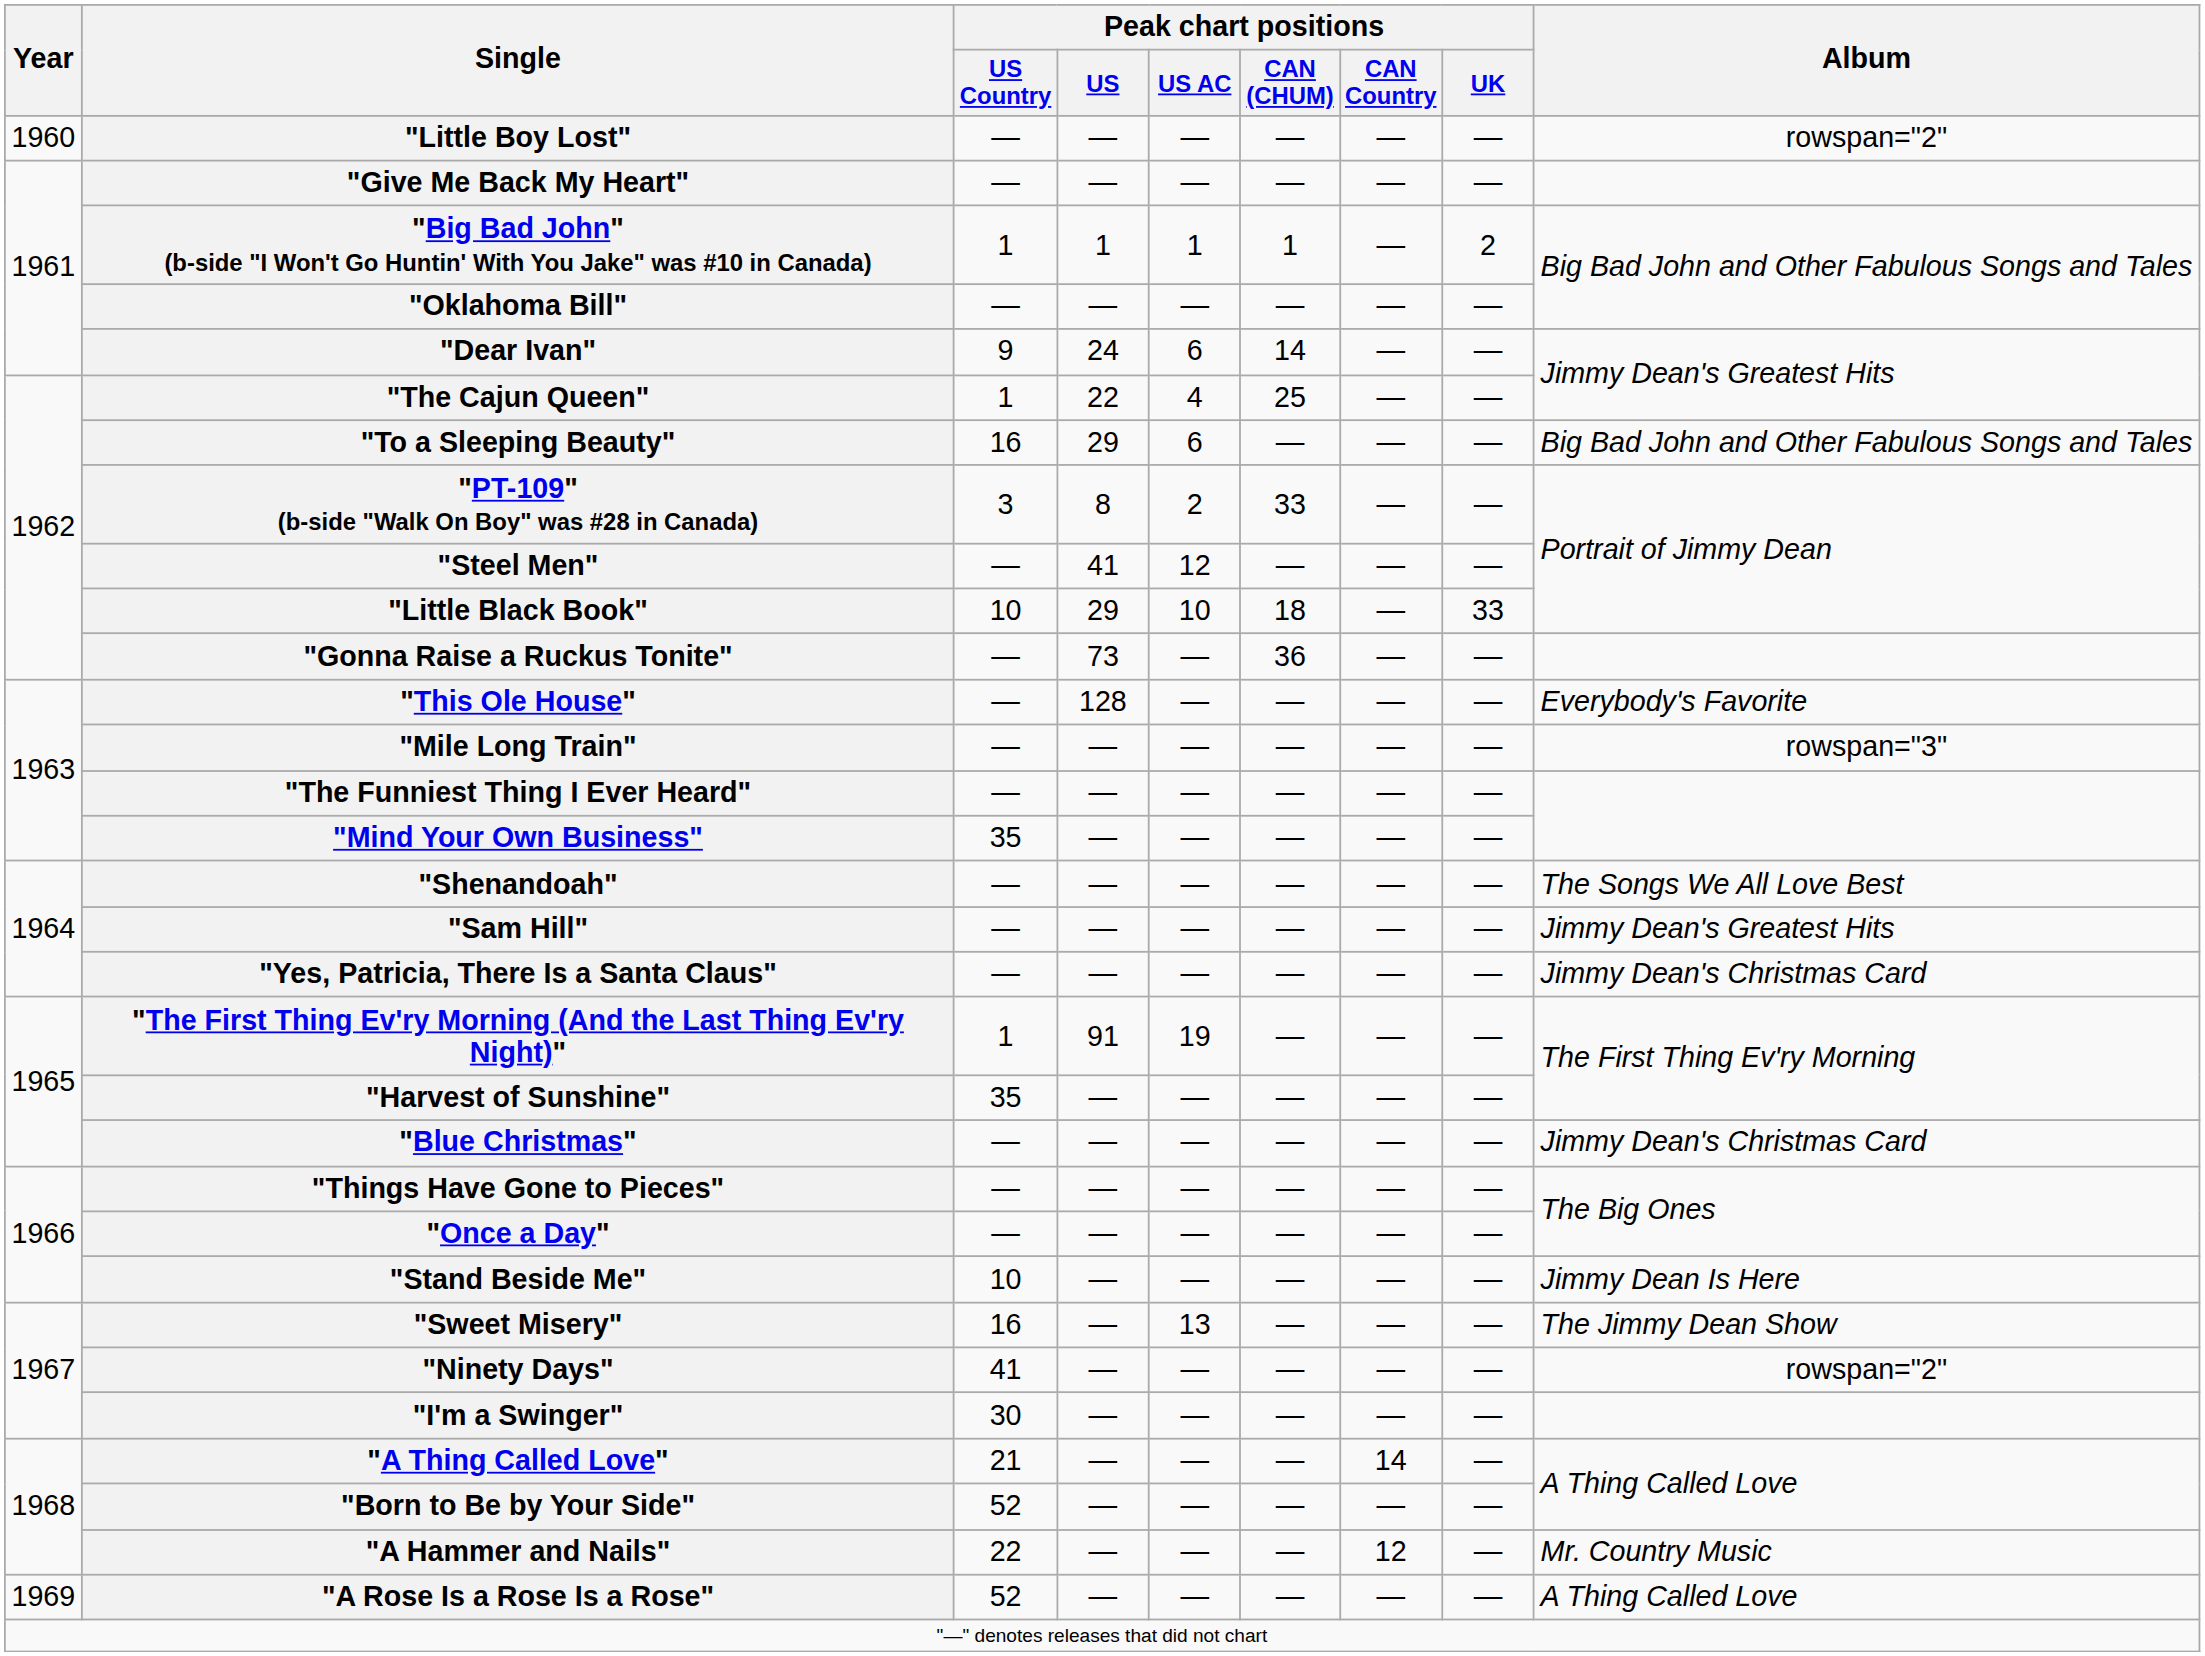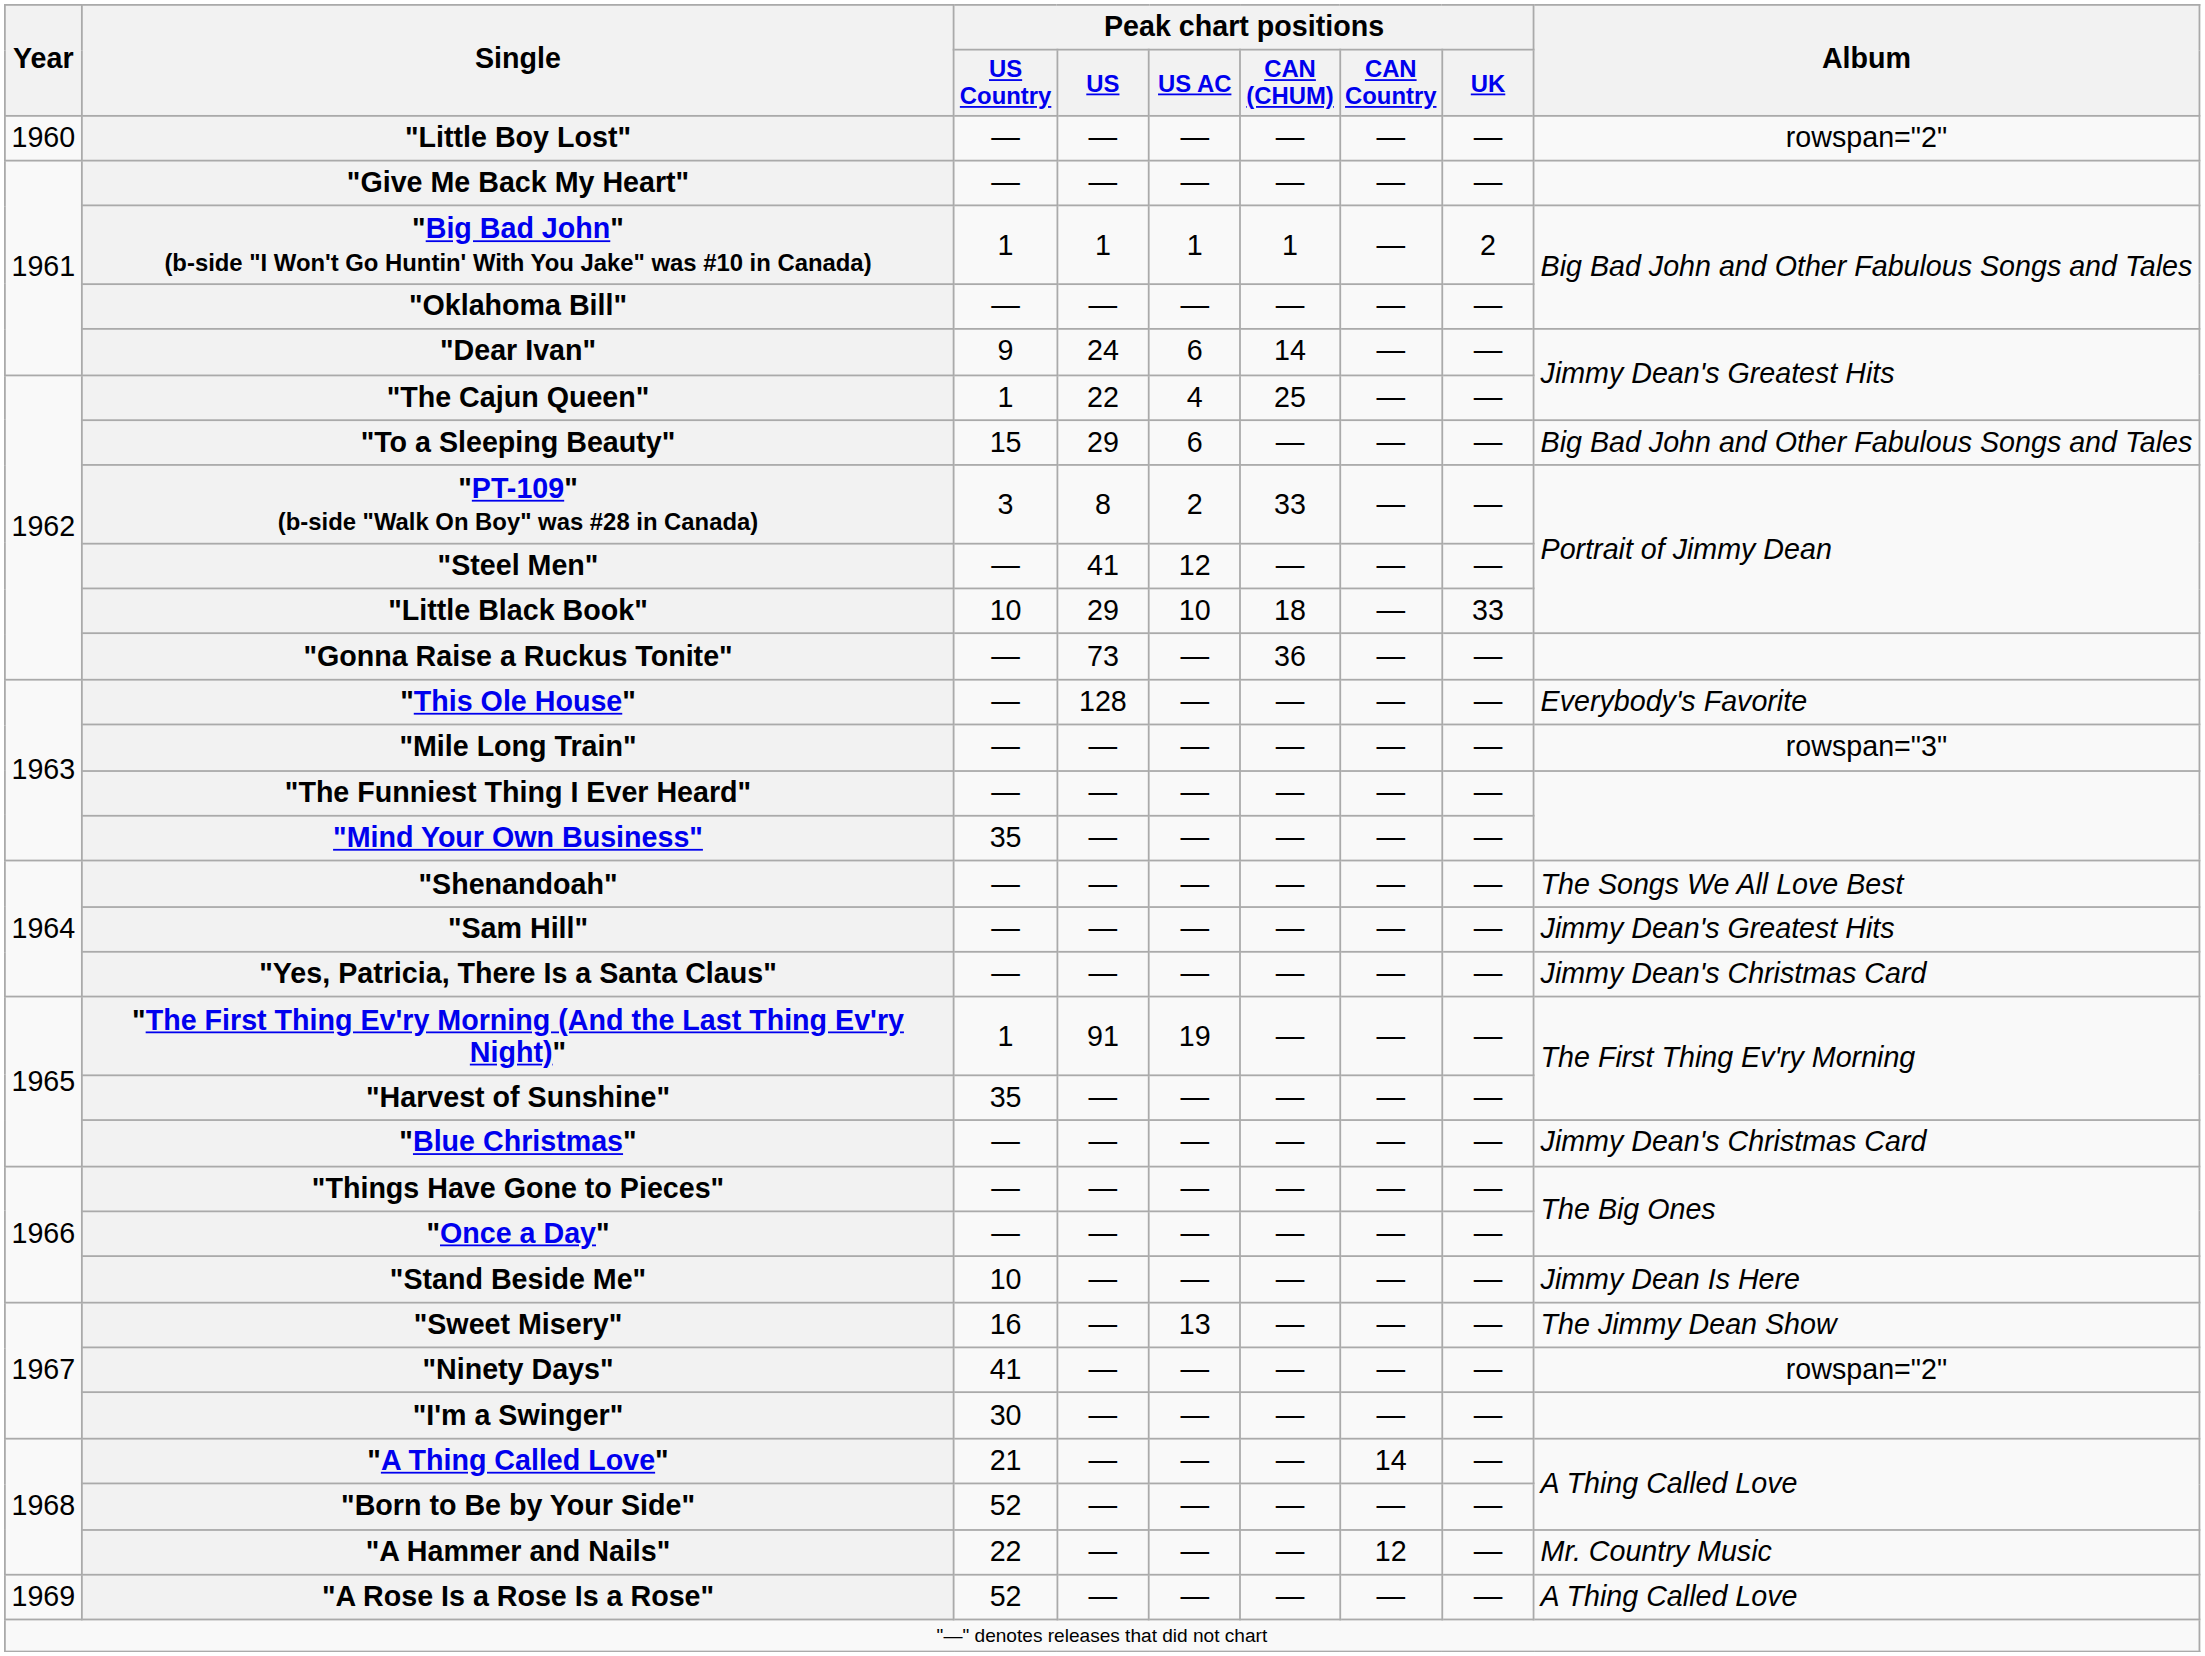 <table class="wikitable plainrowheaders" style="text-align:center;">
 <tr>
 <th rowspan="2">Year</th>
 <th rowspan="2" style="width:30em;">Single</th>
 <th colspan="6">Peak chart positions</th>
 <th rowspan="2">Album</th>
 </tr>
 <tr style="font-size:smaller;">
 <th width="45"><a href='#'>US Country</a><br></th>
 <th width="45"><a href='#'>US</a><br></th>
 <th width="45"><a href='#'>US AC</a><br></th>
 <th width="45"><a href='#'>CAN (CHUM)</a><br></th>
 <th width="45"><a href='#'>CAN Country</a><br></th>
 <th width="45"><a href='#'>UK</a><br></th>
 </tr>
 <tr>
 <td>1960</td>
 <th scope="row">"Little Boy Lost"</th>
 <td>—</td>
 <td>—</td>
 <td>—</td>
 <td>—</td>
 <td>—</td>
 <td>—</td>
 <td>rowspan="2" </td>
 </tr>
 <tr>
 <td rowspan="4">1961</td>
 <th scope="row">"Give Me Back My Heart"</th>
 <td>—</td>
 <td>—</td>
 <td>—</td>
 <td>—</td>
 <td>—</td>
 <td>—</td>
 </tr>
 <tr>
 <th scope="row">"<a href='#'>Big Bad John</a>"<br><small>(b-side "I Won't Go Huntin' With You Jake" was #10 in Canada)</small></th>
 <td>1</td>
 <td>1</td>
 <td>1</td>
 <td>1</td>
 <td>—</td>
 <td>2</td>
 <td align="left" rowspan="2"><em>Big Bad John and Other Fabulous Songs and Tales</em></td>
 </tr>
 <tr>
 <th scope="row">"Oklahoma Bill"</th>
 <td>—</td>
 <td>—</td>
 <td>—</td>
 <td>—</td>
 <td>—</td>
 <td>—</td>
 </tr>
 <tr>
 <th scope="row">"Dear Ivan"</th>
 <td>9</td>
 <td>24</td>
 <td>6</td>
 <td>14</td>
 <td>—</td>
 <td>—</td>
 <td align="left" rowspan="2"><em>Jimmy Dean's Greatest Hits</em></td>
 </tr>
 <tr>
 <td rowspan="6">1962</td>
 <th scope="row">"The Cajun Queen"</th>
 <td>1</td>
 <td>22</td>
 <td>4</td>
 <td>25</td>
 <td>—</td>
 <td>—</td>
 </tr>
 <tr>
 <th scope="row">"To a Sleeping Beauty"</th>
-<td>16</td>
+<td>15</td>
 <td>29</td>
 <td>6</td>
 <td>—</td>
 <td>—</td>
 <td>—</td>
 <td align="left"><em>Big Bad John and Other Fabulous Songs and Tales</em></td>
 </tr>
 <tr>
 <th scope="row">"<a href='#'>PT-109</a>"<br><small>(b-side "Walk On Boy" was #28 in Canada)</small></th>
 <td>3</td>
 <td>8</td>
 <td>2</td>
 <td>33</td>
 <td>—</td>
 <td>—</td>
 <td align="left" rowspan="3"><em>Portrait of Jimmy Dean</em></td>
 </tr>
 <tr>
 <th scope="row">"Steel Men"</th>
 <td>—</td>
 <td>41</td>
 <td>12</td>
 <td>—</td>
 <td>—</td>
 <td>—</td>
 </tr>
 <tr>
 <th scope="row">"Little Black Book"</th>
 <td>10</td>
 <td>29</td>
 <td>10</td>
 <td>18</td>
 <td>—</td>
 <td>33</td>
 </tr>
 <tr>
 <th scope="row">"Gonna Raise a Ruckus Tonite"</th>
 <td>—</td>
 <td>73</td>
 <td>—</td>
 <td>36</td>
 <td>—</td>
 <td>—</td>
 <td></td>
 </tr>
 <tr>
 <td rowspan="4">1963</td>
 <th scope="row">"<a href='#'>This Ole House</a>"</th>
 <td>—</td>
 <td>128</td>
 <td>—</td>
 <td>—</td>
 <td>—</td>
 <td>—</td>
 <td align="left"><em>Everybody's Favorite</em></td>
 </tr>
 <tr>
 <th scope="row">"Mile Long Train"</th>
 <td>—</td>
 <td>—</td>
 <td>—</td>
 <td>—</td>
 <td>—</td>
 <td>—</td>
 <td>rowspan="3" </td>
 </tr>
 <tr>
 <th scope="row">"The Funniest Thing I Ever Heard"</th>
 <td>—</td>
 <td>—</td>
 <td>—</td>
 <td>—</td>
 <td>—</td>
 <td>—</td>
 </tr>
 <tr>
 <th scope="row"><a href='#'>"Mind Your Own Business"</a></th>
 <td>35</td>
 <td>—</td>
 <td>—</td>
 <td>—</td>
 <td>—</td>
 <td>—</td>
 </tr>
 <tr>
 <td rowspan="3">1964</td>
 <th scope="row">"Shenandoah"</th>
 <td>—</td>
 <td>—</td>
 <td>—</td>
 <td>—</td>
 <td>—</td>
 <td>—</td>
 <td align="left"><em>The Songs We All Love Best</em></td>
 </tr>
 <tr>
 <th scope="row">"Sam Hill"</th>
 <td>—</td>
 <td>—</td>
 <td>—</td>
 <td>—</td>
 <td>—</td>
 <td>—</td>
 <td align="left"><em>Jimmy Dean's Greatest Hits</em></td>
 </tr>
 <tr>
 <th scope="row">"Yes, Patricia, There Is a Santa Claus"</th>
 <td>—</td>
 <td>—</td>
 <td>—</td>
 <td>—</td>
 <td>—</td>
 <td>—</td>
 <td align="left"><em>Jimmy Dean's Christmas Card</em></td>
 </tr>
 <tr>
 <td rowspan="3">1965</td>
 <th scope="row">"<a href='#'>The First Thing Ev'ry Morning (And the Last Thing Ev'ry Night)</a>"</th>
 <td>1</td>
 <td>91</td>
 <td>19</td>
 <td>—</td>
 <td>—</td>
 <td>—</td>
 <td align="left" rowspan="2"><em>The First Thing Ev'ry Morning</em></td>
 </tr>
 <tr>
 <th scope="row">"Harvest of Sunshine"</th>
 <td>35</td>
 <td>—</td>
 <td>—</td>
 <td>—</td>
 <td>—</td>
 <td>—</td>
 </tr>
 <tr>
 <th scope="row">"<a href='#'>Blue Christmas</a>"</th>
 <td>—</td>
 <td>—</td>
 <td>—</td>
 <td>—</td>
 <td>—</td>
 <td>—</td>
 <td align="left"><em>Jimmy Dean's Christmas Card</em></td>
 </tr>
 <tr>
 <td rowspan="3">1966</td>
 <th scope="row">"Things Have Gone to Pieces"</th>
 <td>—</td>
 <td>—</td>
 <td>—</td>
 <td>—</td>
 <td>—</td>
 <td>—</td>
 <td align="left" rowspan="2"><em>The Big Ones</em></td>
 </tr>
 <tr>
 <th scope="row">"<a href='#'>Once a Day</a>"</th>
 <td>—</td>
 <td>—</td>
 <td>—</td>
 <td>—</td>
 <td>—</td>
 <td>—</td>
 </tr>
 <tr>
 <th scope="row">"Stand Beside Me"</th>
 <td>10</td>
 <td>—</td>
 <td>—</td>
 <td>—</td>
 <td>—</td>
 <td>—</td>
 <td align="left"><em>Jimmy Dean Is Here</em></td>
 </tr>
 <tr>
 <td rowspan="3">1967</td>
 <th scope="row">"Sweet Misery"</th>
 <td>16</td>
 <td>—</td>
 <td>13</td>
 <td>—</td>
 <td>—</td>
 <td>—</td>
 <td align="left"><em>The Jimmy Dean Show</em></td>
 </tr>
 <tr>
 <th scope="row">"Ninety Days"</th>
 <td>41</td>
 <td>—</td>
 <td>—</td>
 <td>—</td>
 <td>—</td>
 <td>—</td>
 <td>rowspan="2" </td>
 </tr>
 <tr>
 <th scope="row">"I'm a Swinger"</th>
 <td>30</td>
 <td>—</td>
 <td>—</td>
 <td>—</td>
 <td>—</td>
 <td>—</td>
 </tr>
 <tr>
 <td rowspan="3">1968</td>
 <th scope="row">"<a href='#'>A Thing Called Love</a>"</th>
 <td>21</td>
 <td>—</td>
 <td>—</td>
 <td>—</td>
 <td>14</td>
 <td>—</td>
 <td align="left" rowspan="2"><em>A Thing Called Love</em></td>
 </tr>
 <tr>
 <th scope="row">"Born to Be by Your Side"</th>
 <td>52</td>
 <td>—</td>
 <td>—</td>
 <td>—</td>
 <td>—</td>
 <td>—</td>
 </tr>
 <tr>
 <th scope="row">"A Hammer and Nails"</th>
 <td>22</td>
 <td>—</td>
 <td>—</td>
 <td>—</td>
 <td>12</td>
 <td>—</td>
 <td align="left"><em>Mr. Country Music</em></td>
 </tr>
 <tr>
 <td>1969</td>
 <th scope="row">"A Rose Is a Rose Is a Rose"</th>
 <td>52</td>
 <td>—</td>
 <td>—</td>
 <td>—</td>
 <td>—</td>
 <td>—</td>
 <td align="left"><em>A Thing Called Love</em></td>
 </tr>
 <tr>
 <td colspan="10" style="font-size:8pt">"—" denotes releases that did not chart</td>
 </tr>
 <tr>
 </tr>
 </table>
